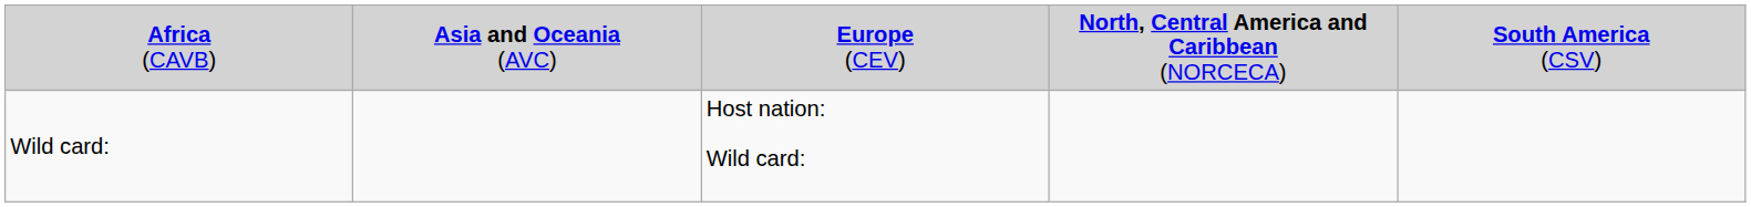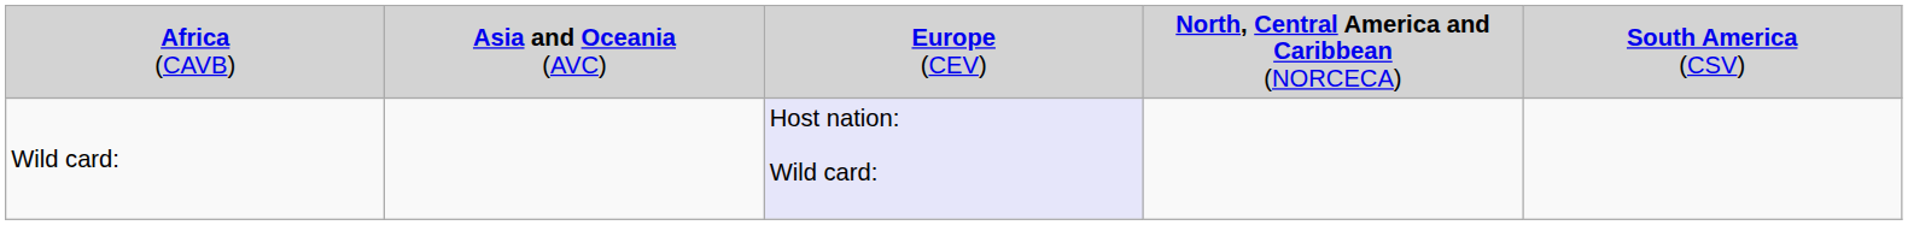 <table class="wikitable">
 <tr style="background:Lightgrey;">
 <td style="width:20%; text-align:center;"><strong><a href='#'>Africa</a></strong><br> (<a href='#'>CAVB</a>)</td>
 <td style="width:20%; text-align:center;"><strong><a href='#'>Asia</a> and <a href='#'>Oceania</a></strong><br> (<a href='#'>AVC</a>)</td>
 <td style="width:20%; text-align:center;"><strong><a href='#'>Europe</a></strong><br> (<a href='#'>CEV</a>)</td>
 <td style="width:20%; text-align:center;"><strong><a href='#'>North</a>, <a href='#'>Central</a> America and <a href='#'>Caribbean</a></strong><br> (<a href='#'>NORCECA</a>)</td>
 <td style="width:20%; text-align:center;"><strong><a href='#'>South America</a><br> </strong>(<a href='#'>CSV</a>)</td>
 </tr>
 <tr>
 <td>Wild card:<br> </td>
 <td></td>
-<td>Host nation:<br> <br> Wild card:<br> <br> </td>
+<td style="background: lavender;">Host nation:<br> <br> Wild card:<br> <br> </td>
 <td></td>
 <td></td>
 </tr>
 </table>
